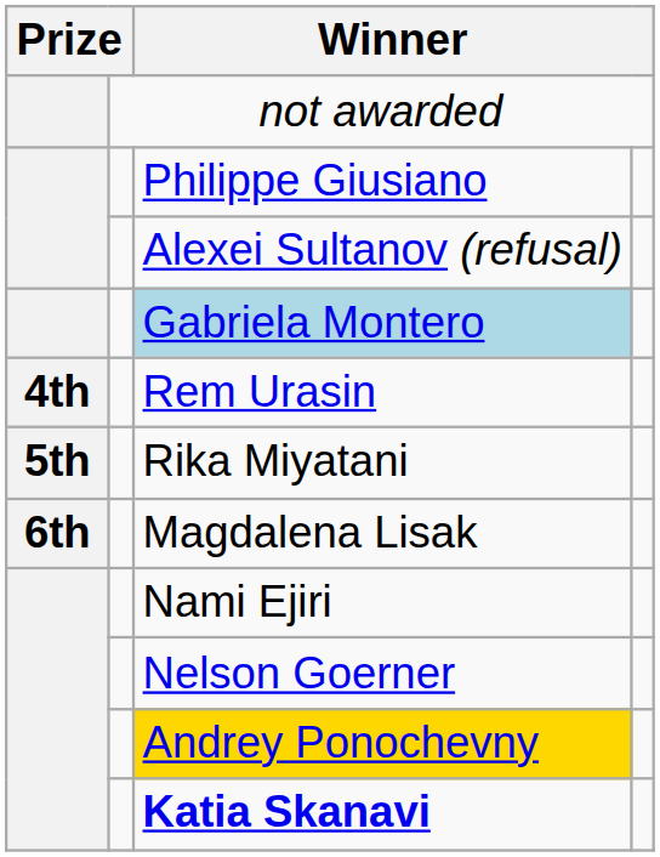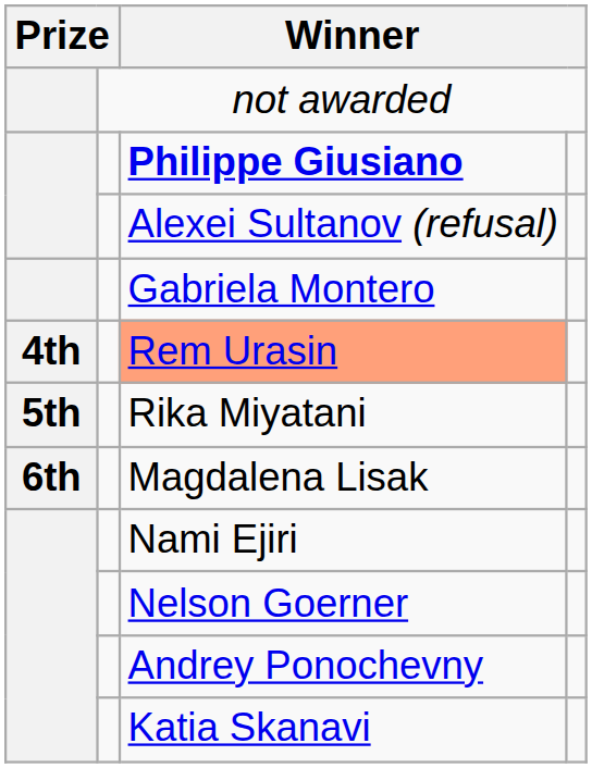 <table class="wikitable">
 <tr>
 <th colspan="2">Prize</th>
 <th colspan="2">Winner</th>
 </tr>
 <tr>
 <th></th>
 <td colspan="3" align="center"><em>not awarded</em></td>
 </tr>
 <tr>
 <th rowspan="2"></th>
 <td align="center"></td>
-<td><a href='#'>Philippe Giusiano</a></td>
+<td><strong><a href='#'>Philippe Giusiano</a></strong></td>
 <td></td>
 </tr>
 <tr>
 <td></td>
 <td><a href='#'>Alexei Sultanov</a> <em>(refusal)</em></td>
 <td></td>
 </tr>
 <tr>
 <th></th>
 <td></td>
-<td style="background: lightblue;"><a href='#'>Gabriela Montero</a></td>
+<td><a href='#'>Gabriela Montero</a></td>
 <td><br></td>
 </tr>
 <tr>
 <th>4th</th>
 <td></td>
-<td><a href='#'>Rem Urasin</a></td>
+<td style="background: lightsalmon;"><a href='#'>Rem Urasin</a></td>
 <td></td>
 </tr>
 <tr>
 <th>5th</th>
 <td></td>
 <td>Rika Miyatani</td>
 <td></td>
 </tr>
 <tr>
 <th>6th</th>
 <td></td>
 <td>Magdalena Lisak</td>
 <td></td>
 </tr>
 <tr>
 <th rowspan="4"></th>
 <td></td>
 <td>Nami Ejiri</td>
 <td></td>
 </tr>
 <tr>
 <td></td>
 <td><a href='#'>Nelson Goerner</a></td>
 <td></td>
 </tr>
 <tr>
 <td></td>
-<td style="background: gold;"><a href='#'>Andrey Ponochevny</a></td>
+<td><a href='#'>Andrey Ponochevny</a></td>
 <td></td>
 </tr>
 <tr>
 <td></td>
-<td><strong><a href='#'>Katia Skanavi</a></strong></td>
+<td><a href='#'>Katia Skanavi</a></td>
 <td></td>
 </tr>
 </table>
